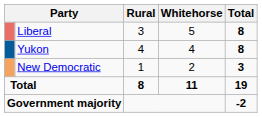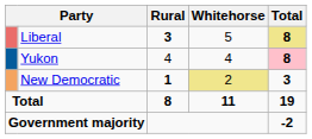 <table class="wikitable" style="text-align:center;">
 <tr>
 <th colspan=2>Party</th>
 <th>Rural</th>
 <th>Whitehorse</th>
 <th>Total</th>
 </tr>
 <tr>
 <td bgcolor="#EA6D6A"> </td>
 <td style="text-align:left;"><a href='#'>Liberal</a></td>
-<td>3</td>
+<td><strong>3</strong></td>
 <td>5</td>
-<td><strong>8</strong></td>
+<td style="background: khaki;"><strong>8</strong></td>
 </tr>
 <tr>
 <td bgcolor="#035B9B"> </td>
 <td style="text-align:left;"><a href='#'>Yukon</a></td>
 <td>4</td>
 <td>4</td>
-<td><strong>8</strong></td>
+<td style="background: pink;"><strong>8</strong></td>
 </tr>
 <tr>
 <td bgcolor="#F4A460"> </td>
 <td style="text-align:left;"><a href='#'>New Democratic</a></td>
-<td>1</td>
-<td>2</td>
+<td><strong>1</strong></td>
+<td style="background: khaki;">2</td>
 <td><strong>3</strong></td>
 </tr>
 <tr>
 <td style="text-align:left;" colspan=2> <strong>Total</strong></td>
 <td><strong>8</strong></td>
 <td><strong>11</strong></td>
 <td><strong>19</strong></td>
 </tr>
 <tr>
 <td style="text-align:left;" colspan=2><strong>Government majority</strong></td>
 <td colspan=2></td>
 <td><strong>-2</strong></td>
 </tr>
 </table>
